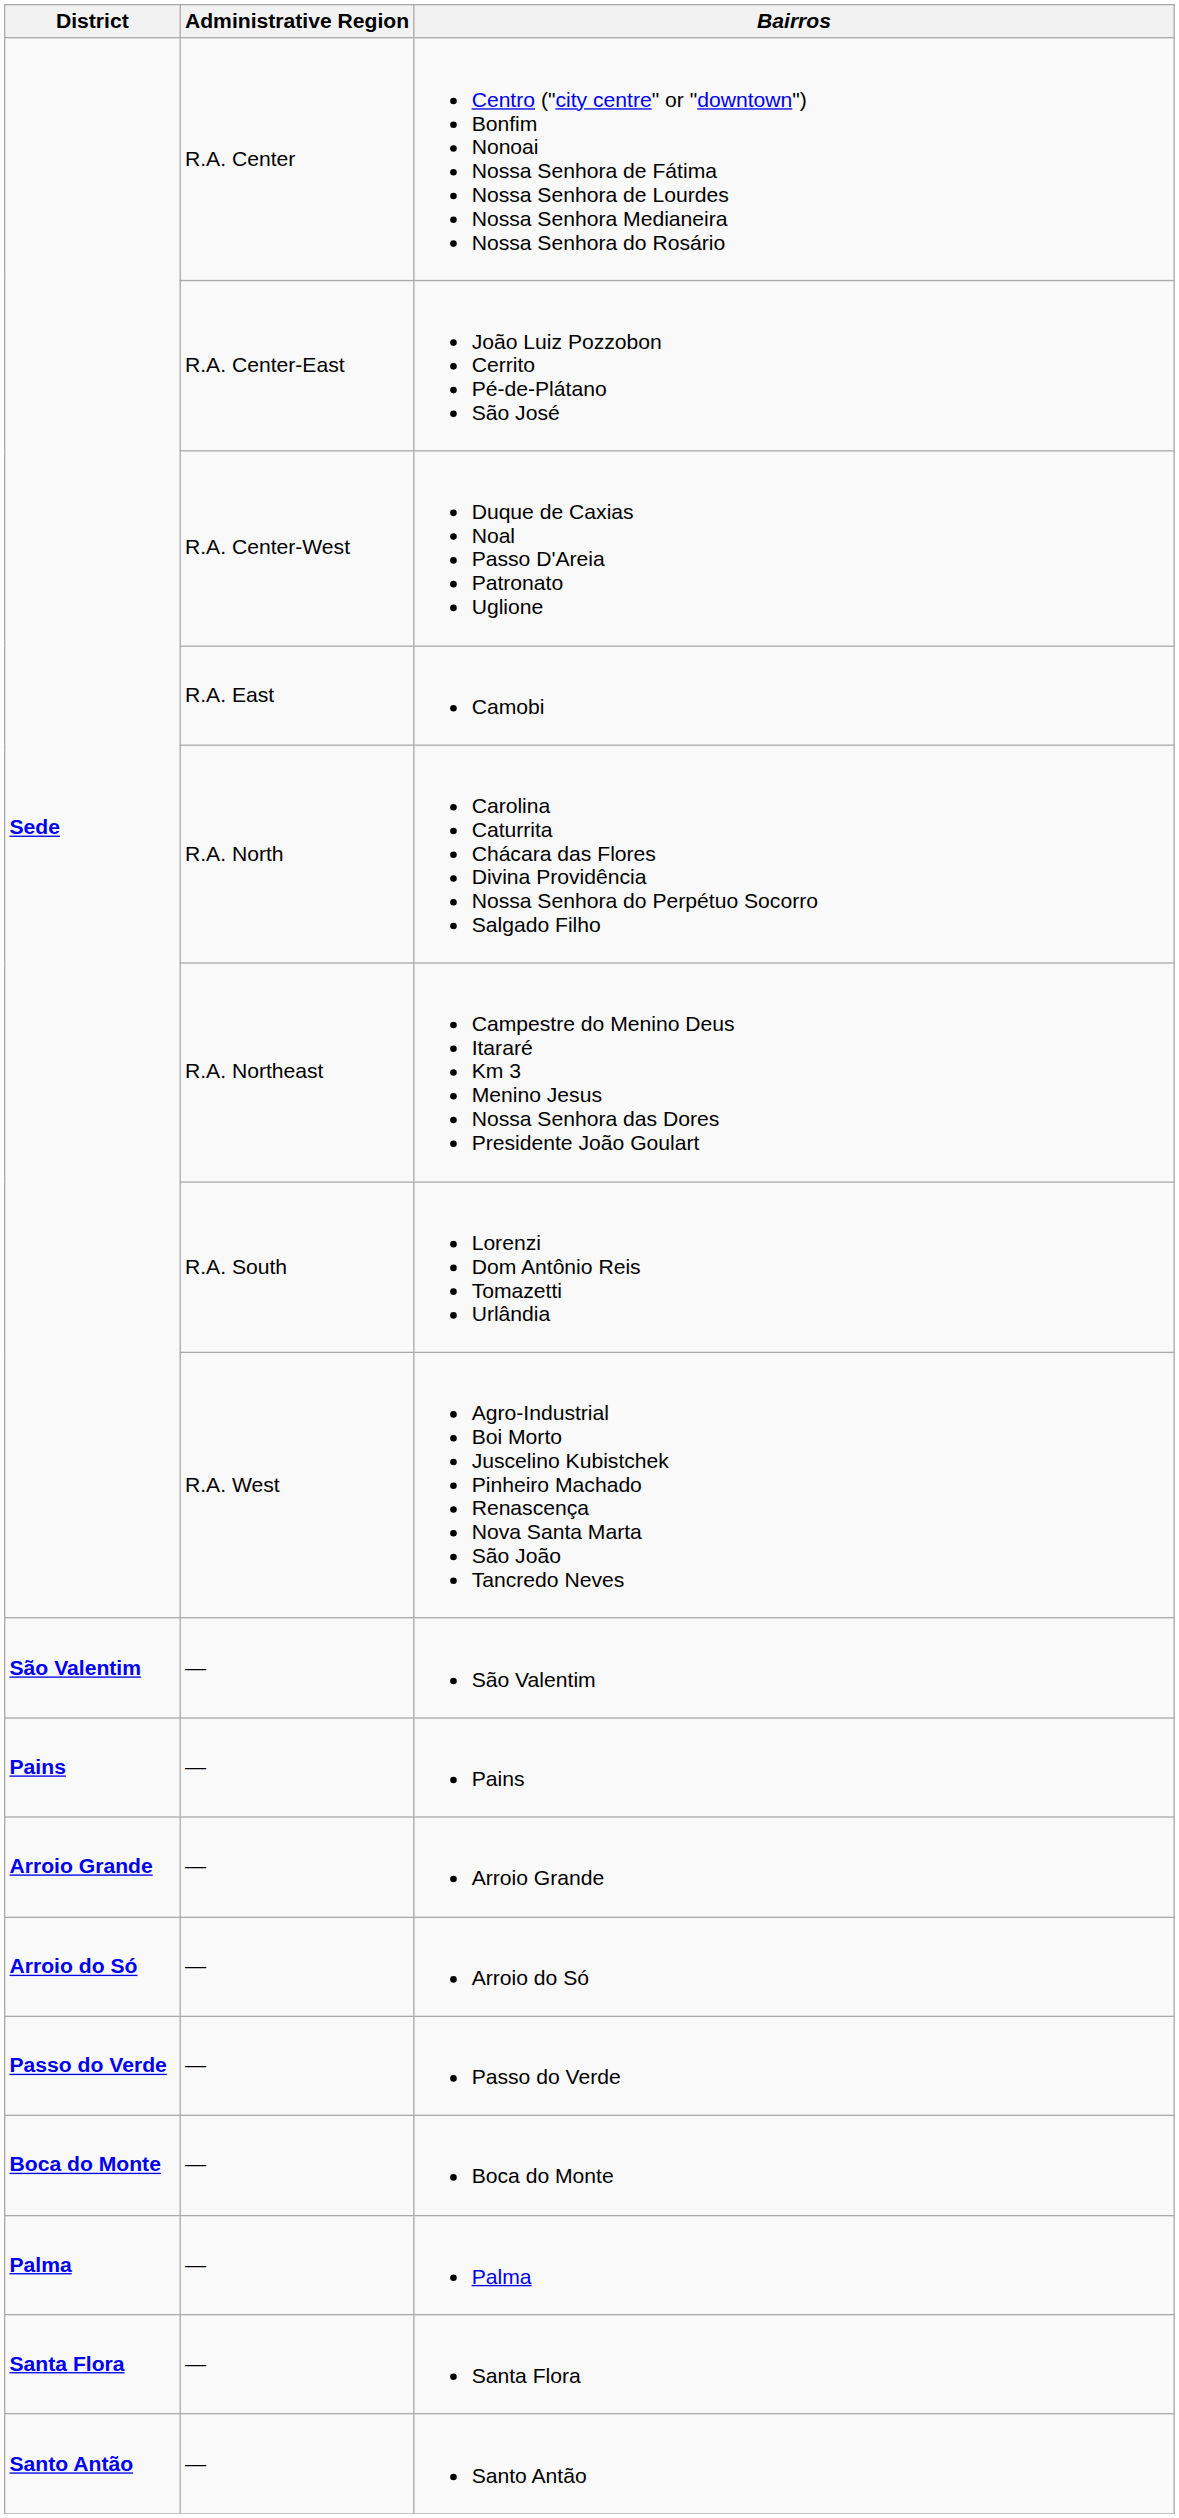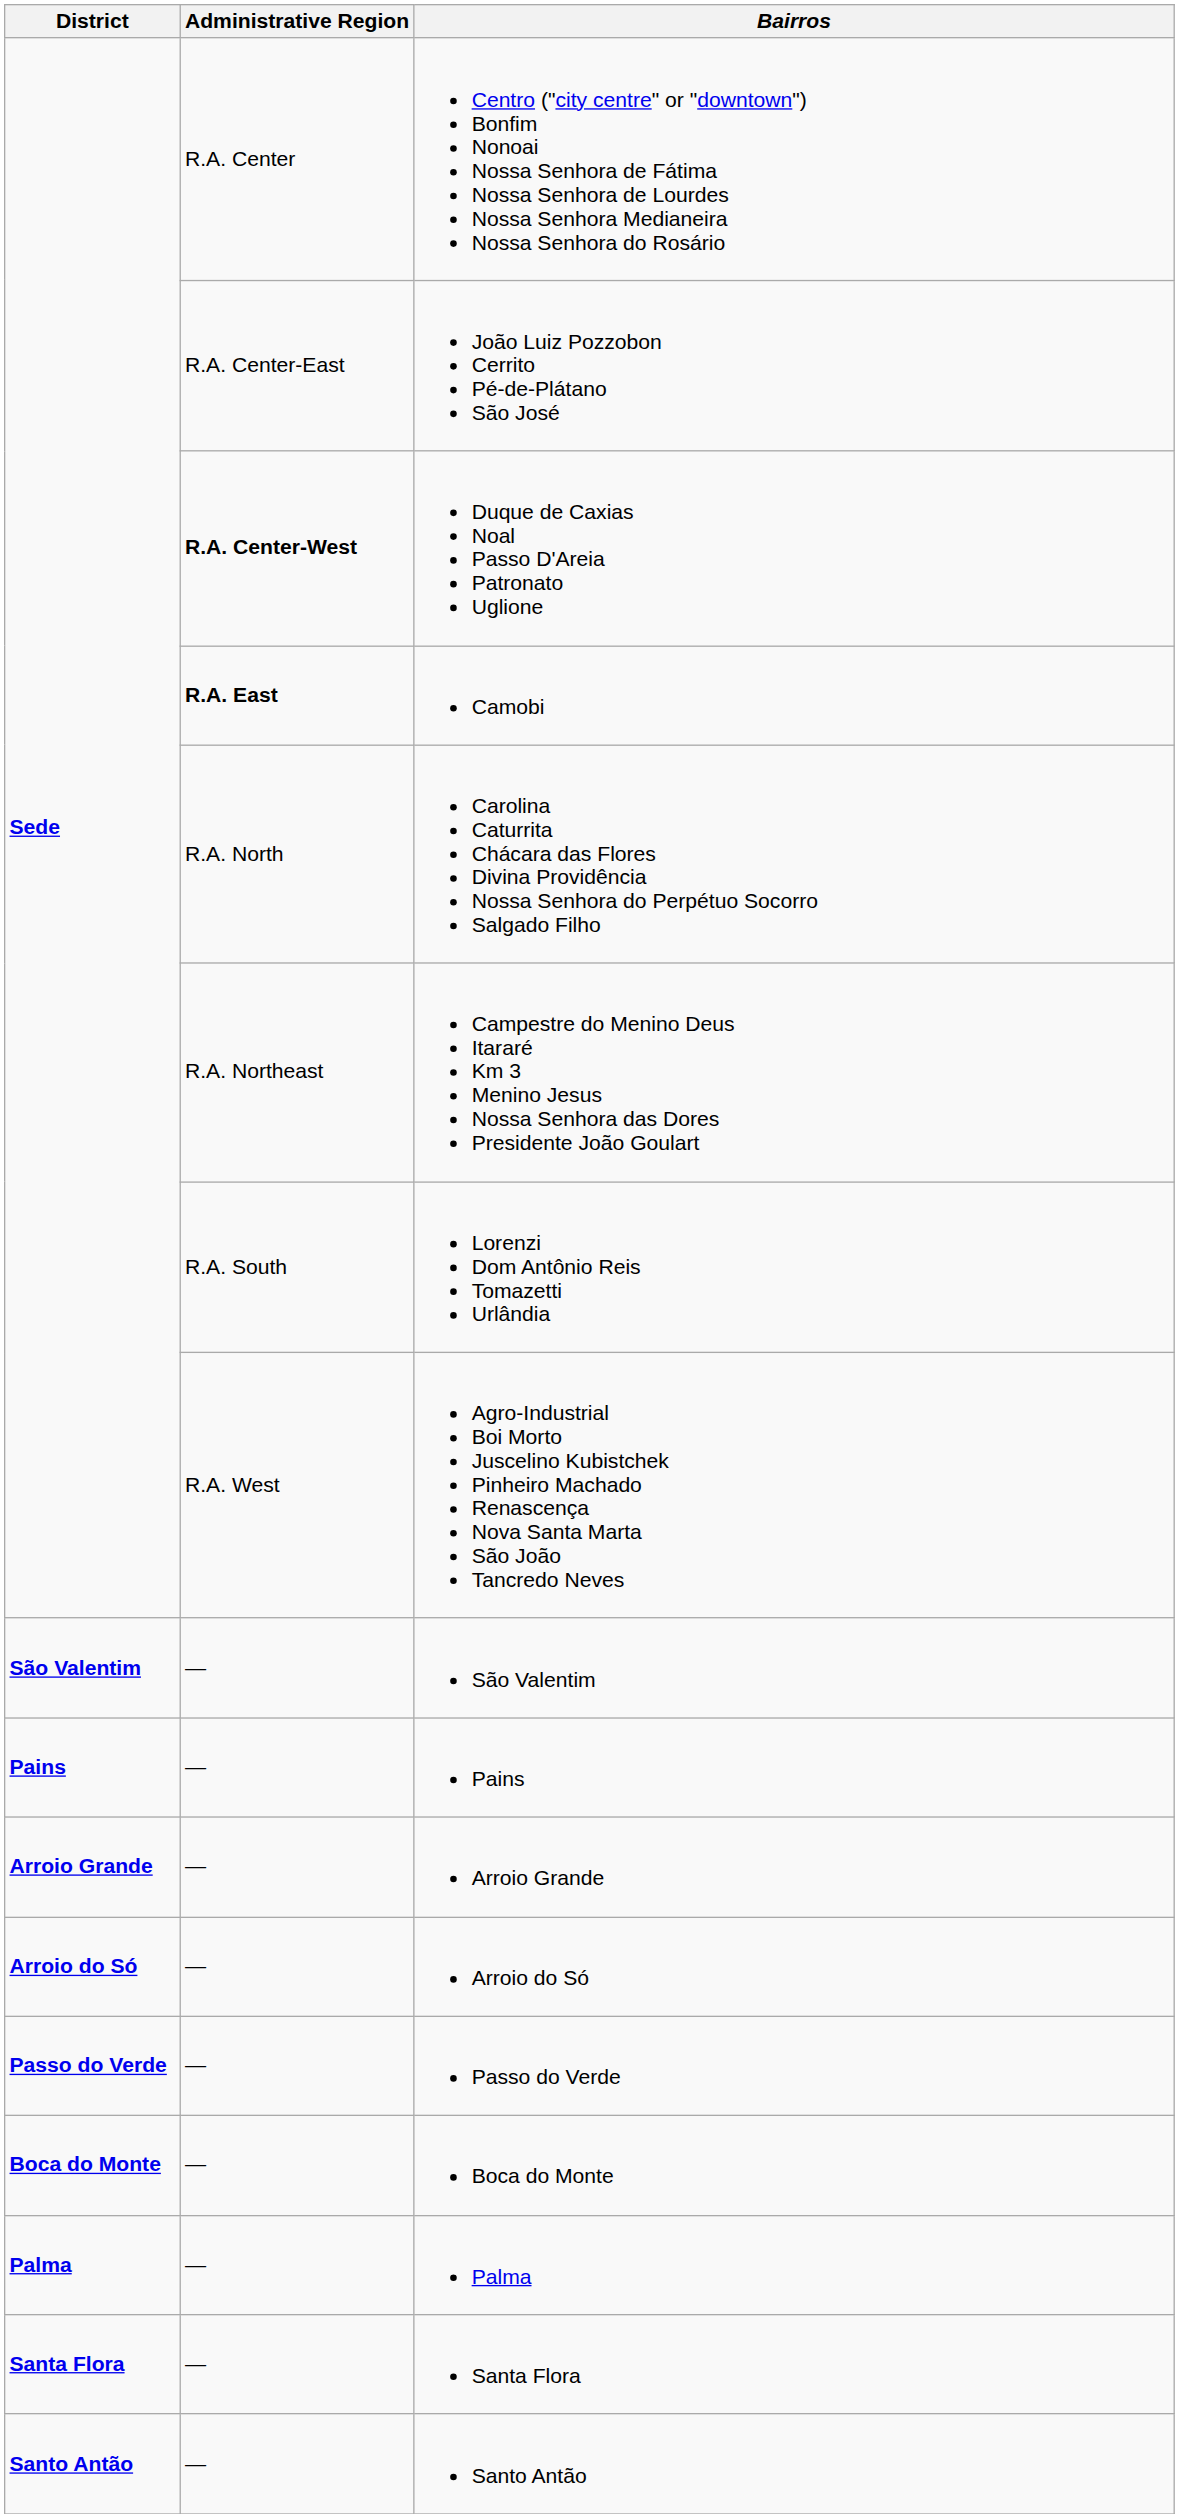 <table class="wikitable">
 <tr>
 <th scope="col" width="15%">District</th>
 <th scope="col" width="20%">Administrative Region</th>
 <th scope="col" width="65%"><em>Bairros</em></th>
 </tr>
 <tr>
 <td rowspan=8><strong><a href='#'>Sede</a></strong></td>
 <td>R.A. Center</td>
 <td><br><ul><li><a href='#'>Centro</a> ("<a href='#'>city centre</a>" or "<a href='#'>downtown</a>")</li><li>Bonfim</li><li>Nonoai</li><li>Nossa Senhora de Fátima</li><li>Nossa Senhora de Lourdes</li><li>Nossa Senhora Medianeira</li><li>Nossa Senhora do Rosário</li></ul></td>
 </tr>
 <tr>
 <td>R.A. Center-East</td>
 <td><br><ul><li>João Luiz Pozzobon</li><li>Cerrito</li><li>Pé-de-Plátano</li><li>São José</li></ul></td>
 </tr>
 <tr>
-<td>R.A. Center-West</td>
+<td><strong>R.A. Center-West</strong></td>
 <td><br><ul><li>Duque de Caxias</li><li>Noal</li><li>Passo D'Areia</li><li>Patronato</li><li>Uglione</li></ul></td>
 </tr>
 <tr>
-<td>R.A. East</td>
+<td><strong>R.A. East</strong></td>
 <td><br><ul><li>Camobi</li></ul></td>
 </tr>
 <tr>
 <td>R.A. North</td>
 <td><br><ul><li>Carolina</li><li>Caturrita</li><li>Chácara das Flores</li><li>Divina Providência</li><li>Nossa Senhora do Perpétuo Socorro</li><li>Salgado Filho</li></ul></td>
 </tr>
 <tr>
 <td>R.A. Northeast</td>
 <td><br><ul><li>Campestre do Menino Deus</li><li>Itararé</li><li>Km 3</li><li>Menino Jesus</li><li>Nossa Senhora das Dores</li><li>Presidente João Goulart</li></ul></td>
 </tr>
 <tr>
 <td>R.A. South</td>
 <td><br><ul><li>Lorenzi</li><li>Dom Antônio Reis</li><li>Tomazetti</li><li>Urlândia</li></ul></td>
 </tr>
 <tr>
 <td>R.A. West</td>
 <td><br><ul><li>Agro-Industrial</li><li>Boi Morto</li><li>Juscelino Kubistchek</li><li>Pinheiro Machado</li><li>Renascença</li><li>Nova Santa Marta</li><li>São João</li><li>Tancredo Neves</li></ul></td>
 </tr>
 <tr>
 <td><strong><a href='#'>São Valentim</a></strong></td>
 <td>—</td>
 <td><br><ul><li>São Valentim</li></ul></td>
 </tr>
 <tr>
 <td><strong><a href='#'>Pains</a></strong></td>
 <td>—</td>
 <td><br><ul><li>Pains</li></ul></td>
 </tr>
 <tr>
 <td><strong><a href='#'>Arroio Grande</a></strong></td>
 <td>—</td>
 <td><br><ul><li>Arroio Grande</li></ul></td>
 </tr>
 <tr>
 <td><strong><a href='#'>Arroio do Só</a></strong></td>
 <td>—</td>
 <td><br><ul><li>Arroio do Só</li></ul></td>
 </tr>
 <tr>
 <td><strong><a href='#'>Passo do Verde</a></strong></td>
 <td>—</td>
 <td><br><ul><li>Passo do Verde</li></ul></td>
 </tr>
 <tr>
 <td><strong><a href='#'>Boca do Monte</a></strong></td>
 <td>—</td>
 <td><br><ul><li>Boca do Monte</li></ul></td>
 </tr>
 <tr>
 <td><strong><a href='#'>Palma</a></strong></td>
 <td>—</td>
 <td><br><ul><li><a href='#'>Palma</a></li></ul></td>
 </tr>
 <tr>
 <td><strong><a href='#'>Santa Flora</a></strong></td>
 <td>—</td>
 <td><br><ul><li>Santa Flora</li></ul></td>
 </tr>
 <tr>
 <td><strong><a href='#'>Santo Antão</a></strong></td>
 <td>—</td>
 <td><br><ul><li>Santo Antão</li></ul></td>
 </tr>
 </table>
